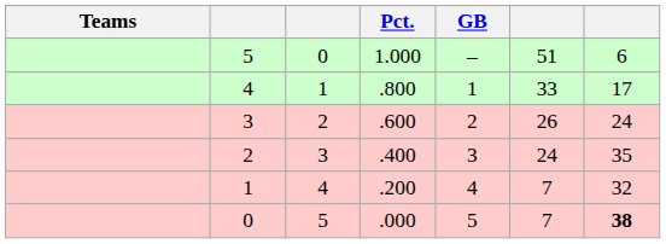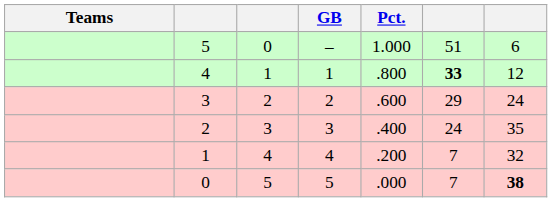 <table class="wikitable" style="text-align:center;">
 <tr>
 <th width=150px>Teams</th>
 <th width=50px></th>
 <th width=50px></th>
+<th width=50px><a href='#'>GB</a></th>
 <th width=50px><a href='#'>Pct.</a></th>
-<th width=50px><a href='#'>GB</a></th>
 <th width=50px></th>
 <th width=50px></th>
 </tr>
 <tr style="background-color:#cfc">
 <td align=left></td>
 <td>5</td>
 <td>0</td>
+<td>–</td>
 <td>1.000</td>
-<td>–</td>
 <td>51</td>
 <td>6</td>
 </tr>
 <tr style="background-color:#cfc">
 <td align=left></td>
 <td>4</td>
 <td>1</td>
+<td>1</td>
 <td>.800</td>
-<td>1</td>
-<td>33</td>
-<td>17</td>
+<td><strong>33</strong></td>
+<td>12</td>
 </tr>
 <tr style="background-color:#fcc">
 <td align=left></td>
 <td>3</td>
 <td>2</td>
+<td>2</td>
 <td>.600</td>
-<td>2</td>
-<td>26</td>
+<td>29</td>
 <td>24</td>
 </tr>
 <tr style="background-color:#fcc">
 <td align=left></td>
 <td>2</td>
 <td>3</td>
+<td>3</td>
 <td>.400</td>
-<td>3</td>
 <td>24</td>
 <td>35</td>
 </tr>
 <tr style="background-color:#fcc">
 <td align=left></td>
 <td>1</td>
 <td>4</td>
+<td>4</td>
 <td>.200</td>
-<td>4</td>
 <td>7</td>
 <td>32</td>
 </tr>
 <tr style="background-color:#fcc">
 <td align=left></td>
 <td>0</td>
 <td>5</td>
+<td>5</td>
 <td>.000</td>
-<td>5</td>
 <td>7</td>
 <td><strong>38</strong></td>
 </tr>
 </table>
